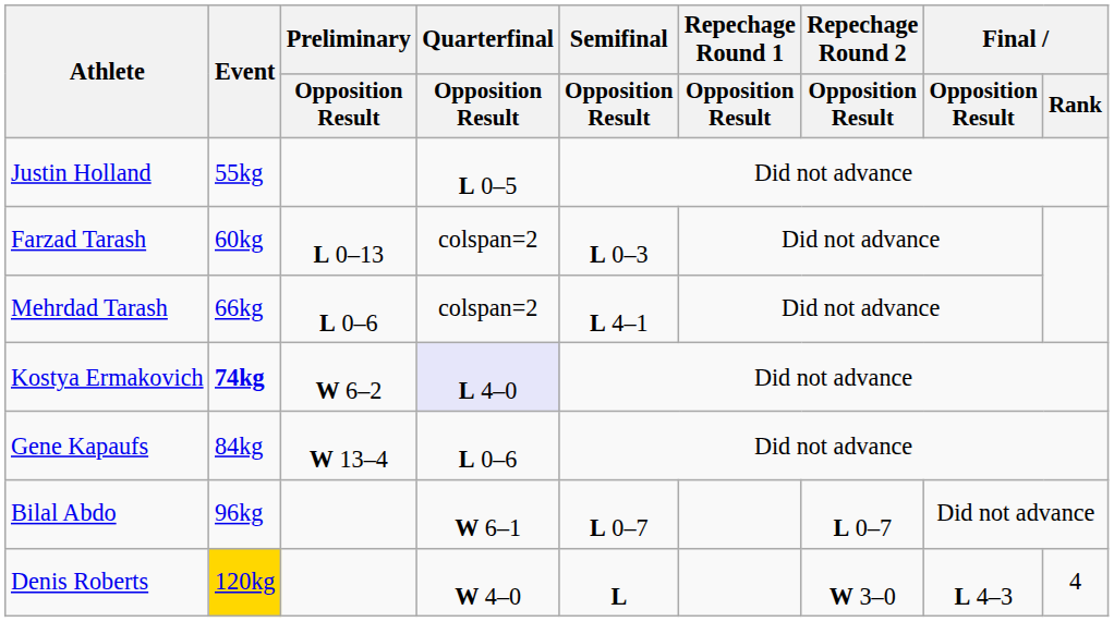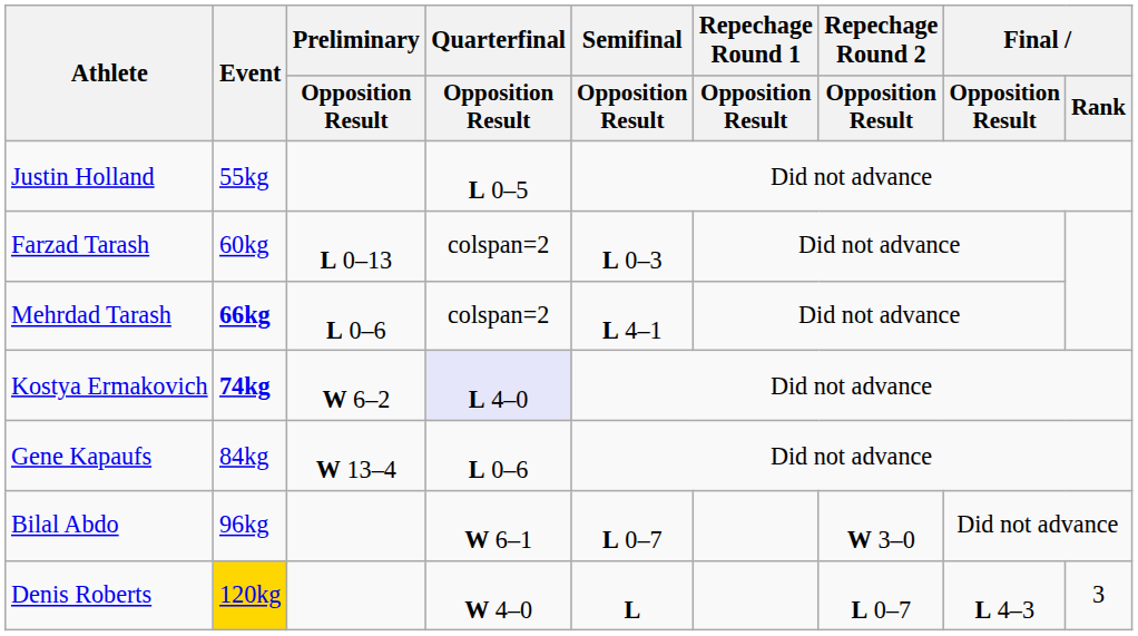 <table class="wikitable" style="font-size:90%">
 <tr>
 <th rowspan="2">Athlete</th>
 <th rowspan="2">Event</th>
 <th>Preliminary</th>
 <th>Quarterfinal</th>
 <th>Semifinal</th>
 <th>Repechage<br>Round 1</th>
 <th>Repechage<br>Round 2</th>
 <th colspan=2>Final / </th>
 </tr>
 <tr style="font-size: 95%">
 <th>Opposition<br>Result</th>
 <th>Opposition<br>Result</th>
 <th>Opposition<br>Result</th>
 <th>Opposition<br>Result</th>
 <th>Opposition<br>Result</th>
 <th>Opposition<br>Result</th>
 <th>Rank</th>
 </tr>
 <tr align=center>
 <td align=left><a href='#'>Justin Holland</a></td>
 <td align=left><a href='#'>55kg</a></td>
 <td></td>
 <td><br><strong>L</strong> 0–5</td>
 <td colspan=5>Did not advance</td>
 </tr>
 <tr align=center>
 <td align=left><a href='#'>Farzad Tarash</a></td>
 <td align=left><a href='#'>60kg</a></td>
 <td><br><strong>L</strong> 0–13</td>
 <td>colspan=2 </td>
 <td><br><strong>L</strong> 0–3</td>
 <td colspan=3>Did not advance</td>
 </tr>
 <tr align=center>
 <td align=left><a href='#'>Mehrdad Tarash</a></td>
-<td align=left><a href='#'>66kg</a></td>
+<td align=left><strong><a href='#'>66kg</a></strong></td>
 <td><br><strong>L</strong> 0–6</td>
 <td>colspan=2 </td>
 <td><br><strong>L</strong> 4–1</td>
 <td colspan=3>Did not advance</td>
 </tr>
 <tr align=center>
 <td align=left><a href='#'>Kostya Ermakovich</a></td>
 <td align=left><strong><a href='#'>74kg</a></strong></td>
 <td><br><strong>W</strong> 6–2</td>
 <td style="background: lavender;"><br><strong>L</strong> 4–0</td>
 <td colspan=5>Did not advance</td>
 </tr>
 <tr align=center>
 <td align=left><a href='#'>Gene Kapaufs</a></td>
 <td align=left><a href='#'>84kg</a></td>
 <td><br><strong>W</strong> 13–4</td>
 <td><br><strong>L</strong> 0–6</td>
 <td colspan=5>Did not advance</td>
 </tr>
 <tr align=center>
 <td align=left><a href='#'>Bilal Abdo</a></td>
 <td align=left><a href='#'>96kg</a></td>
 <td></td>
 <td><br><strong>W</strong> 6–1</td>
 <td><br><strong>L</strong> 0–7</td>
 <td></td>
-<td><br><strong>L</strong> 0–7</td>
+<td><br><strong>W</strong> 3–0</td>
 <td colspan=2>Did not advance</td>
 </tr>
 <tr align=center>
 <td align=left><a href='#'>Denis Roberts</a></td>
 <td align=left style="background: gold;"><a href='#'>120kg</a></td>
 <td></td>
 <td><br><strong>W</strong> 4–0</td>
 <td><br><strong>L</strong></td>
 <td></td>
-<td><br><strong>W</strong> 3–0</td>
+<td><br><strong>L</strong> 0–7</td>
 <td><br><strong>L</strong> 4–3</td>
-<td>4</td>
+<td>3</td>
 </tr>
 </table>
